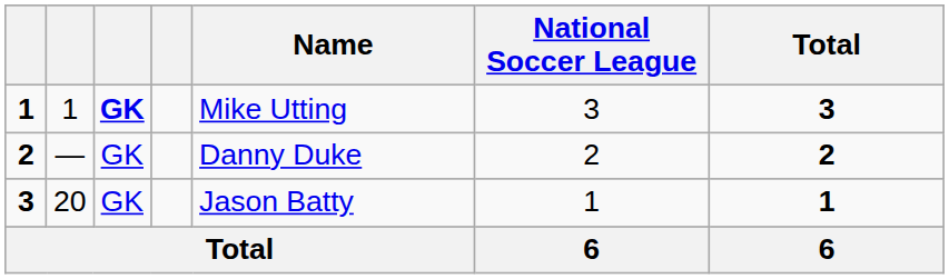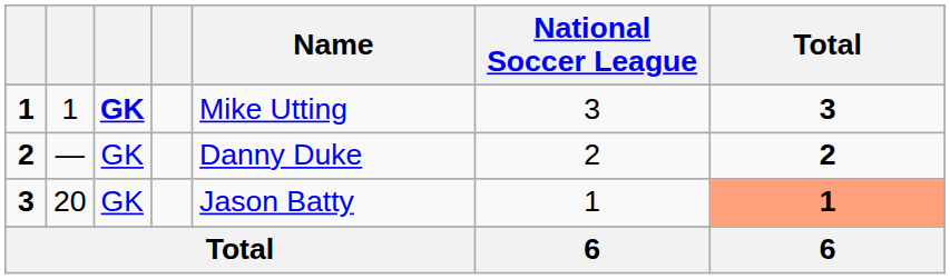 <table class="wikitable" style="text-align:center">
 <tr>
 <th width=15></th>
 <th width=15></th>
 <th width=15></th>
 <th width=15></th>
 <th width=145>Name</th>
 <th width=120><a href='#'>National Soccer League</a></th>
 <th width=120>Total</th>
 </tr>
 <tr>
 <td><strong>1</strong></td>
 <td>1</td>
 <td><strong><a href='#'>GK</a></strong></td>
 <td></td>
 <td align=left><a href='#'>Mike Utting</a></td>
 <td>3</td>
 <td><strong>3</strong></td>
 </tr>
 <tr>
 <td><strong>2</strong></td>
 <td>—</td>
 <td><a href='#'>GK</a></td>
 <td></td>
 <td align=left><a href='#'>Danny Duke</a></td>
 <td>2</td>
 <td><strong>2</strong></td>
 </tr>
 <tr>
 <td><strong>3</strong></td>
 <td>20</td>
 <td><a href='#'>GK</a></td>
 <td></td>
 <td align=left><a href='#'>Jason Batty</a></td>
 <td>1</td>
-<td><strong>1</strong></td>
+<td style="background: lightsalmon;"><strong>1</strong></td>
 </tr>
 <tr>
 <th colspan="5"><strong>Total</strong></th>
 <th>6</th>
 <th>6</th>
 </tr>
 </table>
